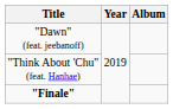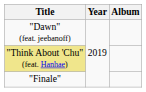 <table class="wikitable plainrowheaders" style="text-align:center;">
 <tr>
 <th>Title</th>
 <th>Year</th>
 <th>Album</th>
 </tr>
 <tr>
 <td>"Dawn" <small><br> (feat. jeebanoff)</small></td>
 <td rowspan="3">2019</td>
 <td></td>
 </tr>
 <tr>
-<td>"Think About 'Chu" <small><br> (feat. <a href='#'>Hanhae</a>)</small></td>
+<td style="background: khaki;">"Think About 'Chu" <small><br> (feat. <a href='#'>Hanhae</a>)</small></td>
 <td></td>
 </tr>
 <tr>
-<td><strong>"Finale"</strong></td>
+<td>"Finale"</td>
 <td></td>
 </tr>
 </table>
